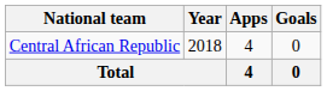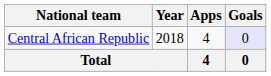 <table class="wikitable" style="text-align:center">
 <tr>
 <th>National team</th>
 <th>Year</th>
 <th>Apps</th>
 <th>Goals</th>
 </tr>
 <tr>
 <td><a href='#'>Central African Republic</a></td>
 <td>2018</td>
 <td>4</td>
-<td>0</td>
+<td style="background: lavender;">0</td>
 </tr>
 <tr>
 <th colspan="2">Total</th>
 <th>4</th>
 <th>0</th>
 </tr>
 </table>
